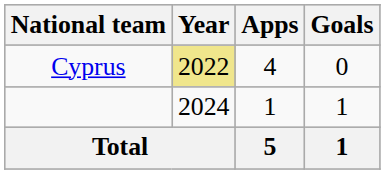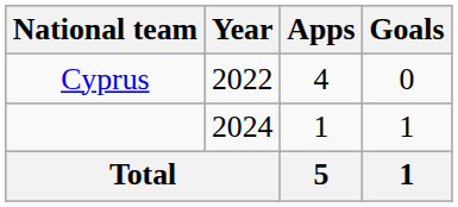 <table class="wikitable" style="text-align:center">
 <tr>
 <th>National team</th>
 <th>Year</th>
 <th>Apps</th>
 <th>Goals</th>
 </tr>
 <tr>
 <td rowspan="1"><a href='#'>Cyprus</a></td>
-<td style="background: khaki;">2022</td>
+<td>2022</td>
 <td>4</td>
 <td>0</td>
 </tr>
 <tr>
 <td></td>
 <td>2024</td>
 <td>1</td>
 <td>1</td>
 </tr>
 <tr>
 <th colspan="2">Total</th>
 <th>5</th>
 <th>1</th>
 </tr>
 </table>
